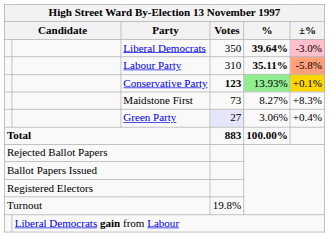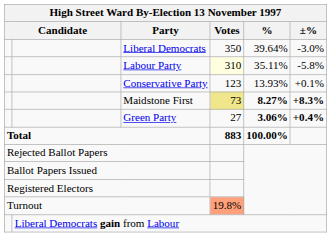 <table class="wikitable" style="text-align:right;">
 <tr>
 <th colspan=6>High Street Ward By-Election 13 November 1997</th>
 </tr>
 <tr>
 <th align=left colspan=2>Candidate</th>
 <th align=left>Party</th>
 <th align=center>Votes</th>
 <th align=center>%</th>
 <th align=center>±%</th>
 </tr>
 <tr>
 <td bgcolor=> </td>
 <td align=left width="150"></td>
 <td align=left><a href='#'>Liberal Democrats</a></td>
 <td>350</td>
-<td><strong>39.64%</strong></td>
-<td style="background: pink;">-3.0%</td>
+<td>39.64%</td>
+<td>-3.0%</td>
 </tr>
 <tr>
 <td bgcolor=> </td>
 <td align=left></td>
 <td align=left><a href='#'>Labour Party</a></td>
-<td>310</td>
-<td><strong>35.11%</strong></td>
-<td style="background: lightsalmon;">-5.8%</td>
+<td style="background: lightyellow;">310</td>
+<td>35.11%</td>
+<td>-5.8%</td>
 </tr>
 <tr>
 <td bgcolor=> </td>
 <td align=left></td>
 <td align=left><a href='#'>Conservative Party</a></td>
-<td><strong>123</strong></td>
-<td style="background: lightgreen;">13.93%</td>
-<td style="background: gold;">+0.1%</td>
+<td>123</td>
+<td>13.93%</td>
+<td>+0.1%</td>
 </tr>
 <tr>
 <td></td>
 <td align=left></td>
 <td align=left>Maidstone First</td>
-<td>73</td>
-<td>8.27%</td>
-<td>+8.3%</td>
+<td style="background: khaki;">73</td>
+<td><strong>8.27%</strong></td>
+<td><strong>+8.3%</strong></td>
 </tr>
 <tr>
 <td bgcolor=> </td>
 <td align=left></td>
 <td align=left><a href='#'>Green Party</a></td>
-<td style="background: lavender;">27</td>
-<td>3.06%</td>
-<td>+0.4%</td>
+<td>27</td>
+<td><strong>3.06%</strong></td>
+<td><strong>+0.4%</strong></td>
 </tr>
 <tr>
 <td align=left colspan=3><strong>Total</strong></td>
 <td><strong>883</strong></td>
 <td><strong>100.00%</strong></td>
 <td></td>
 </tr>
 <tr>
 <td align=left colspan=3>Rejected Ballot Papers</td>
 <td></td>
 <td rowspan=4 colspan=2></td>
 </tr>
 <tr>
 <td align=left colspan=3>Ballot Papers Issued</td>
 <td></td>
 </tr>
 <tr>
 <td align=left colspan=3>Registered Electors</td>
 <td></td>
 </tr>
 <tr>
 <td align=left colspan=3>Turnout</td>
-<td>19.8%</td>
+<td style="background: lightsalmon;">19.8%</td>
 </tr>
 <tr>
 <td bgcolor=> </td>
 <td align=left colspan=6><a href='#'>Liberal Democrats</a> <strong>gain</strong> from <a href='#'>Labour</a></td>
 </tr>
 </table>
